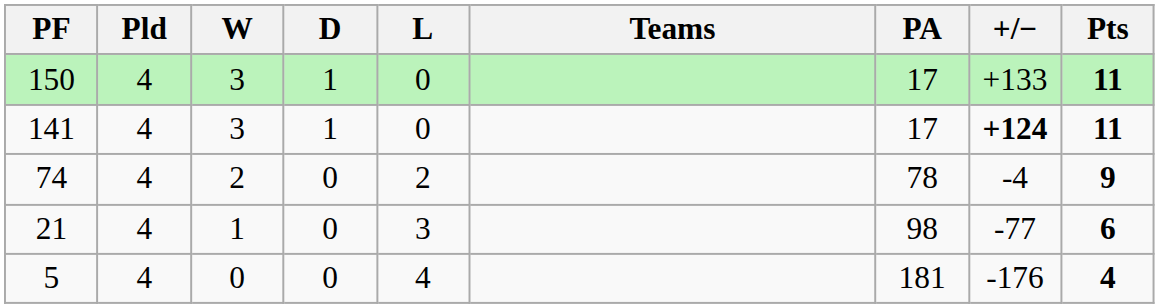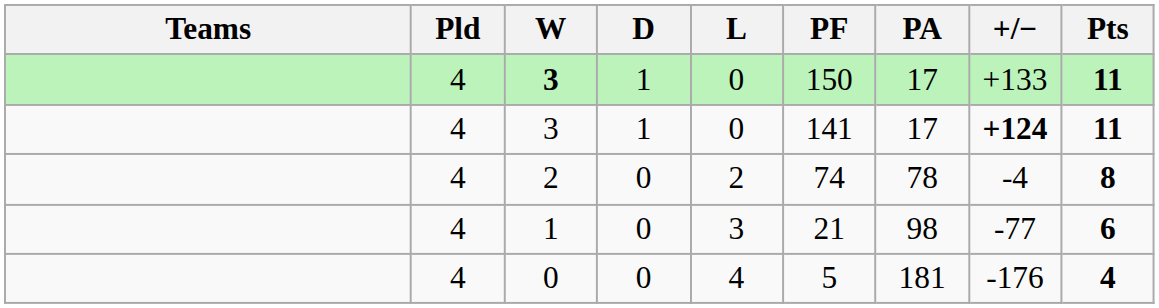 <table class="wikitable" style="text-align: center;">
 <tr>
-<th width="40">PF</th>
+<th width="200">Teams</th>
 <th width="40">Pld</th>
 <th width="40">W</th>
 <th width="40">D</th>
 <th width="40">L</th>
-<th width="200">Teams</th>
+<th width="40">PF</th>
 <th width="40">PA</th>
 <th width="40">+/−</th>
 <th width="40">Pts</th>
 </tr>
 <tr style="background-color:#bbf3bb;">
-<td>150</td>
+<td align=left></td>
 <td>4</td>
-<td>3</td>
+<td><strong>3</strong></td>
 <td>1</td>
 <td>0</td>
-<td align=left></td>
+<td>150</td>
 <td>17</td>
 <td>+133</td>
 <td><strong>11</strong></td>
 </tr>
 <tr>
-<td>141</td>
+<td align=left></td>
 <td>4</td>
 <td>3</td>
 <td>1</td>
 <td>0</td>
-<td align=left></td>
+<td>141</td>
 <td>17</td>
 <td><strong>+124</strong></td>
 <td><strong>11</strong></td>
 </tr>
 <tr>
-<td>74</td>
+<td align=left></td>
 <td>4</td>
 <td>2</td>
 <td>0</td>
 <td>2</td>
-<td align=left></td>
+<td>74</td>
 <td>78</td>
 <td>-4</td>
-<td><strong>9</strong></td>
+<td><strong>8</strong></td>
 </tr>
 <tr>
-<td>21</td>
+<td align=left></td>
 <td>4</td>
 <td>1</td>
 <td>0</td>
 <td>3</td>
-<td align=left></td>
+<td>21</td>
 <td>98</td>
 <td>-77</td>
 <td><strong>6</strong></td>
 </tr>
 <tr>
-<td>5</td>
+<td align=left></td>
 <td>4</td>
 <td>0</td>
 <td>0</td>
 <td>4</td>
-<td align=left></td>
+<td>5</td>
 <td>181</td>
 <td>-176</td>
 <td><strong>4</strong></td>
 </tr>
 </table>
